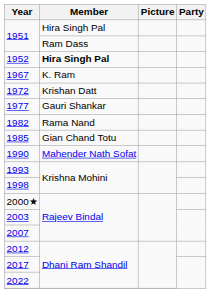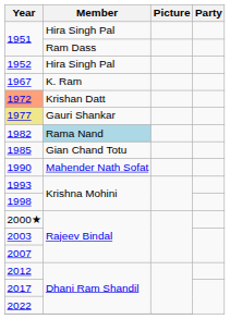 <table class="wikitable sortable">
 <tr>
 <th>Year</th>
 <th>Member</th>
 <th>Picture</th>
 <th colspan="2">Party</th>
 </tr>
 <tr>
 <td rowspan=2><a href='#'>1951</a></td>
 <td>Hira Singh Pal</td>
 <td></td>
 <td></td>
 </tr>
 <tr>
 <td>Ram Dass</td>
 <td></td>
 <td></td>
 </tr>
 <tr>
 <td><a href='#'>1952</a></td>
-<td><strong>Hira Singh Pal</strong></td>
+<td>Hira Singh Pal</td>
 <td></td>
 <td></td>
 </tr>
 <tr>
 <td><a href='#'>1967</a></td>
 <td>K. Ram</td>
 <td></td>
 <td></td>
 </tr>
 <tr>
-<td><a href='#'>1972</a></td>
+<td style="background: lightsalmon;"><a href='#'>1972</a></td>
 <td>Krishan Datt</td>
 <td></td>
 <td></td>
 </tr>
 <tr>
-<td><a href='#'>1977</a></td>
+<td style="background: khaki;"><a href='#'>1977</a></td>
 <td>Gauri Shankar</td>
 <td></td>
 <td></td>
 </tr>
 <tr>
 <td><a href='#'>1982</a></td>
-<td>Rama Nand</td>
+<td style="background: lightblue;">Rama Nand</td>
 <td></td>
 <td></td>
 </tr>
 <tr>
 <td><a href='#'>1985</a></td>
 <td>Gian Chand Totu</td>
 <td></td>
 <td></td>
 </tr>
 <tr>
 <td><a href='#'>1990</a></td>
 <td><a href='#'>Mahender Nath Sofat</a></td>
 <td></td>
 <td></td>
 </tr>
 <tr>
 <td><a href='#'>1993</a></td>
 <td rowspan=2>Krishna Mohini</td>
 <td rowspan=2></td>
 <td></td>
 </tr>
 <tr>
 <td><a href='#'>1998</a></td>
 </tr>
 <tr>
 <td>2000★</td>
 <td rowspan=3><a href='#'>Rajeev Bindal</a></td>
 <td rowspan=3></td>
 <td></td>
 </tr>
 <tr>
 <td><a href='#'>2003</a></td>
 </tr>
 <tr>
 <td><a href='#'>2007</a></td>
 </tr>
 <tr>
 <td><a href='#'>2012</a></td>
 <td rowspan=3><a href='#'>Dhani Ram Shandil</a></td>
 <td rowspan=3></td>
 <td></td>
 </tr>
 <tr>
 <td><a href='#'>2017</a></td>
 </tr>
 <tr>
 <td><a href='#'>2022</a></td>
 </tr>
 <tr>
 </tr>
 </table>
